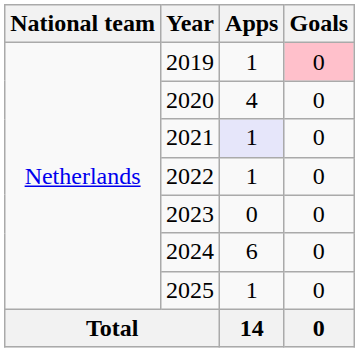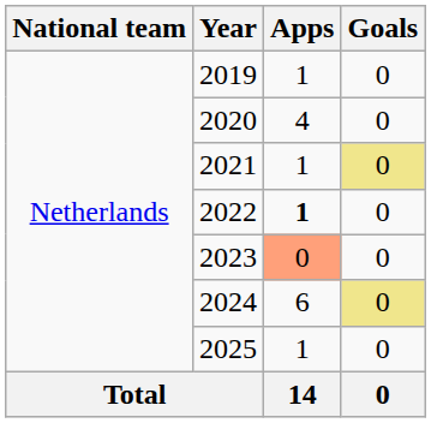 <table class="wikitable" style="text-align:center">
 <tr>
 <th>National team</th>
 <th>Year</th>
 <th>Apps</th>
 <th>Goals</th>
 </tr>
 <tr>
 <td rowspan="7"><a href='#'>Netherlands</a></td>
 <td>2019</td>
 <td>1</td>
-<td style="background: pink;">0</td>
+<td>0</td>
 </tr>
 <tr>
 <td>2020</td>
 <td>4</td>
 <td>0</td>
 </tr>
 <tr>
 <td>2021</td>
-<td style="background: lavender;">1</td>
-<td>0</td>
+<td>1</td>
+<td style="background: khaki;">0</td>
 </tr>
 <tr>
 <td>2022</td>
-<td>1</td>
+<td><strong>1</strong></td>
 <td>0</td>
 </tr>
 <tr>
 <td>2023</td>
-<td>0</td>
+<td style="background: lightsalmon;">0</td>
 <td>0</td>
 </tr>
 <tr>
 <td>2024</td>
 <td>6</td>
-<td>0</td>
+<td style="background: khaki;">0</td>
 </tr>
 <tr>
 <td>2025</td>
 <td>1</td>
 <td>0</td>
 </tr>
 <tr>
 <th colspan="2">Total</th>
 <th>14</th>
 <th>0</th>
 </tr>
 </table>
